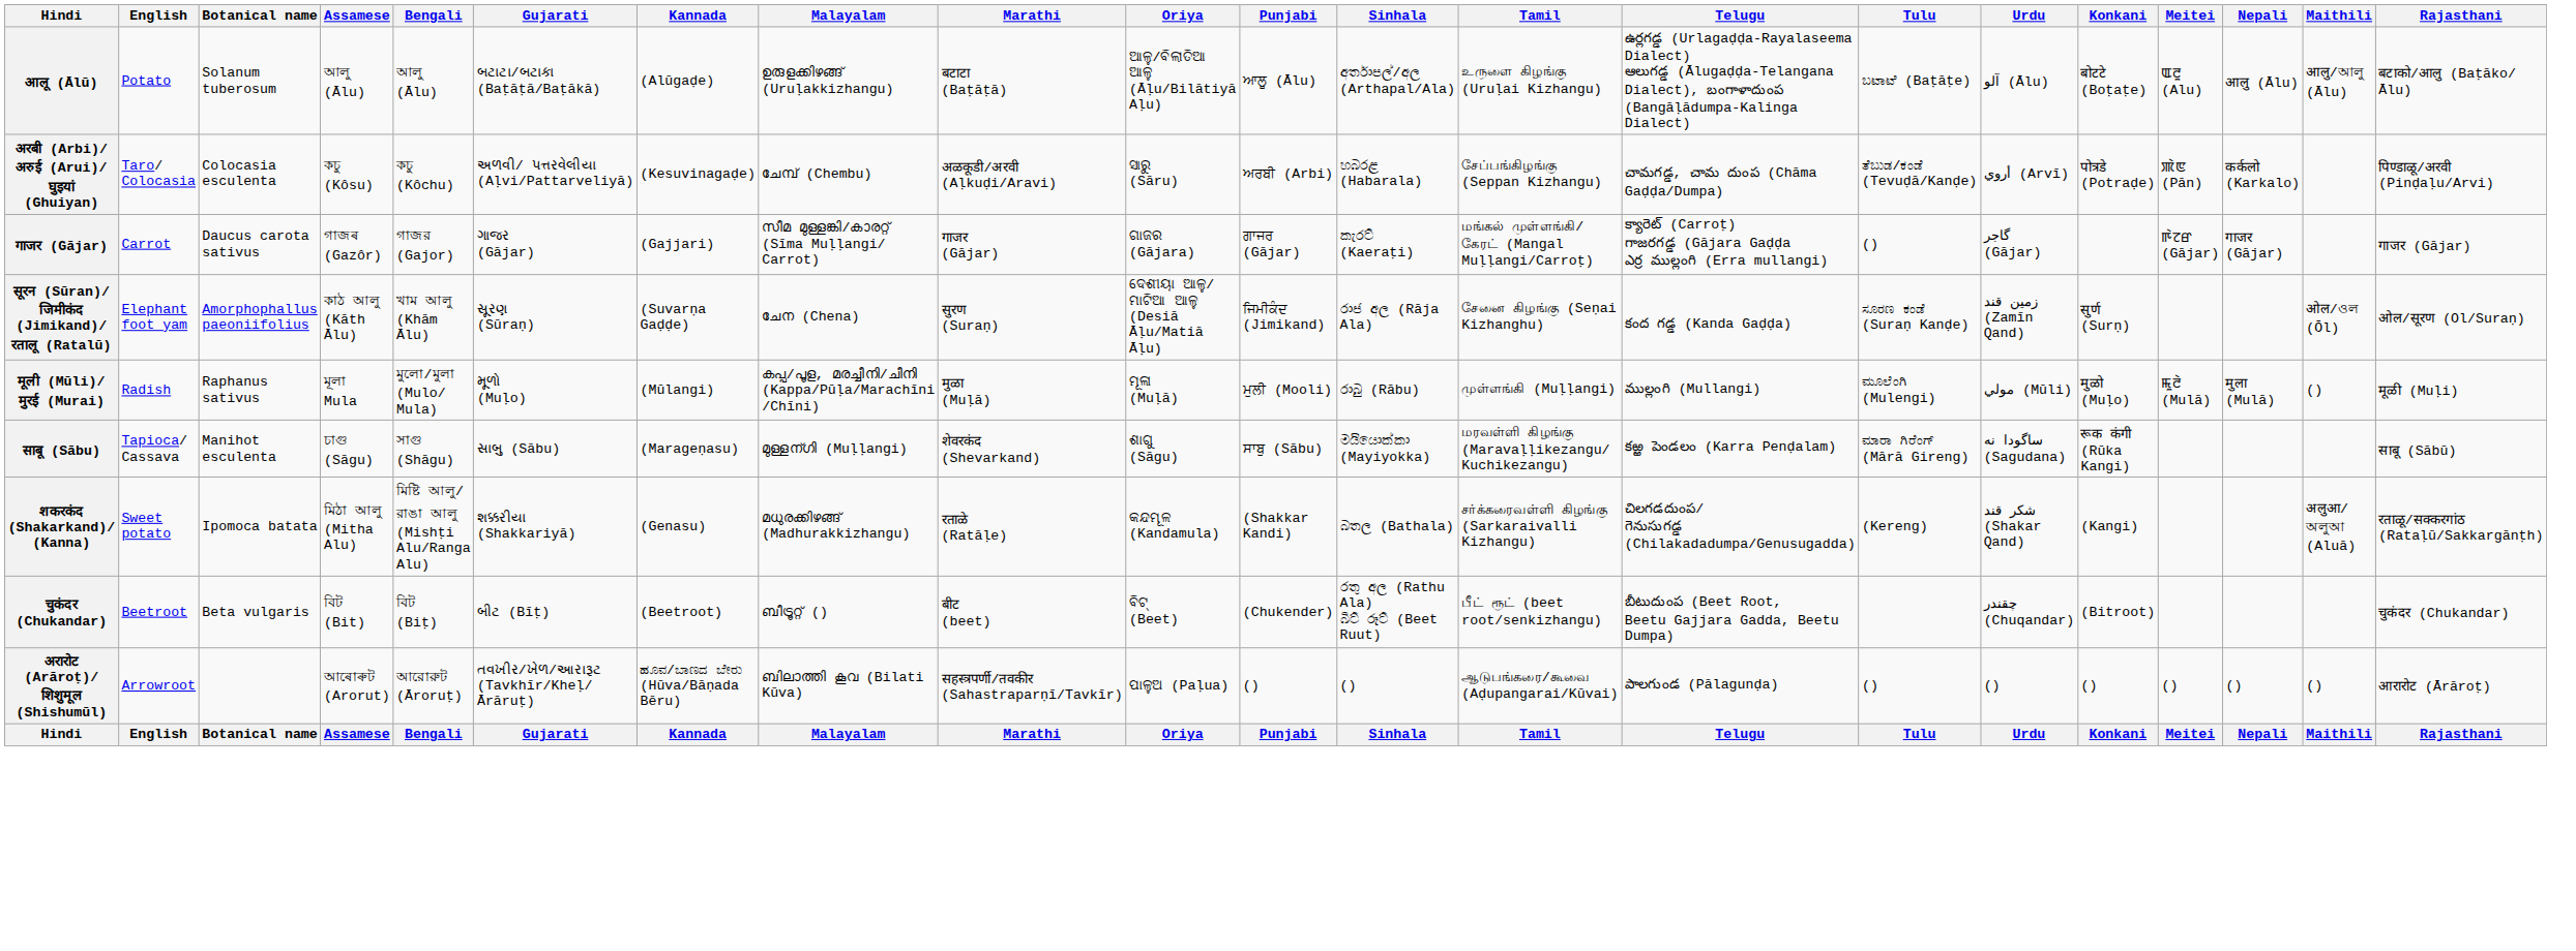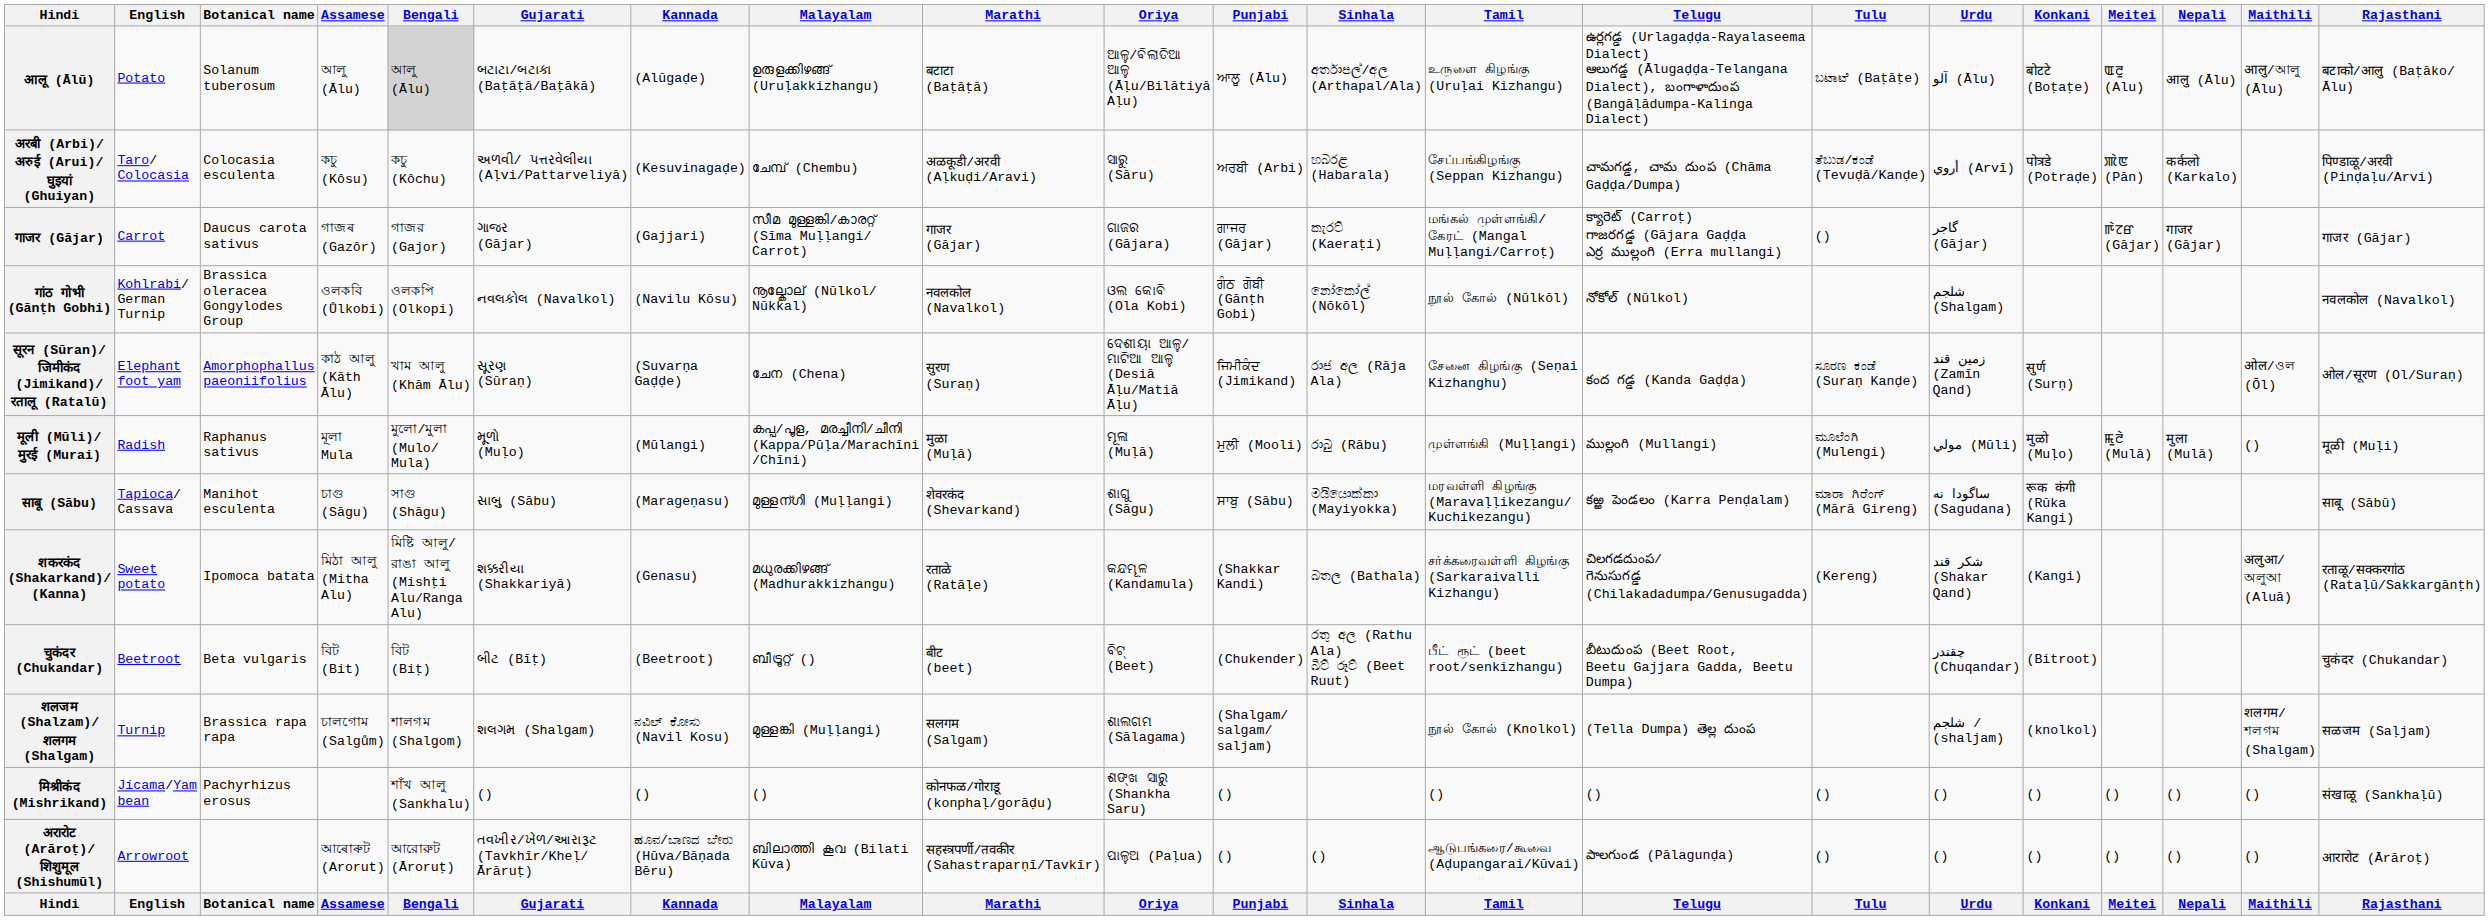 <table class="wikitable sortable">
 <tr>
 <th>Hindi</th>
 <th>English</th>
 <th>Botanical name</th>
 <th><a href='#'>Assamese</a></th>
 <th><a href='#'>Bengali</a></th>
 <th><a href='#'>Gujarati</a></th>
 <th><a href='#'>Kannada</a></th>
 <th><a href='#'>Malayalam</a></th>
 <th><a href='#'>Marathi</a></th>
 <th><a href='#'>Oriya</a></th>
 <th><a href='#'>Punjabi</a></th>
 <th><a href='#'>Sinhala</a></th>
 <th><a href='#'>Tamil</a></th>
 <th><a href='#'>Telugu</a></th>
 <th><a href='#'>Tulu</a></th>
 <th><a href='#'>Urdu</a></th>
 <th><a href='#'>Konkani</a></th>
 <th><a href='#'>Meitei</a></th>
 <th><a href='#'>Nepali</a></th>
 <th><a href='#'>Maithili</a></th>
 <th><a href='#'>Rajasthani</a></th>
 </tr>
 <tr>
 <th>आलू (Ālū)</th>
 <td><a href='#'>Potato</a></td>
 <td>Solanum tuberosum</td>
 <td>আলু<br>(Ālu)</td>
-<td>আলু<br>(Ālu)</td>
+<td style="background: lightgrey;">আলু<br>(Ālu)</td>
 <td>બટાટા/બટાકા<br>(Baṭāṭā/Baṭākā)</td>
 <td> (Alūgaḍe)</td>
 <td>ഉരുളക്കിഴങ്ങ് (Uruḷakkizhangu)</td>
 <td>बटाटा<br>(Baṭāṭā)</td>
 <td>ଆଳୁ/ବିଲାତିଆ ଆଳୁ<br>(Āḷu/Bilātiyā Aḷu)</td>
 <td>ਆਲੂ (Ālu)</td>
 <td>අර්තාපල්/අල  (Arthapal/Ala)</td>
 <td>உருளை கிழங்கு (Uruḷai Kizhangu)</td>
 <td>ఉర్లగడ్డ (Urlagaḍḍa-Rayalaseema Dialect)<br>ఆలుగడ్డ (Ālugaḍḍa-Telangana Dialect), బంగాళాదుంప (Bangāḷādumpa-Kalinga Dialect)</td>
 <td>ಬಟಾಟೆ (Baṭāṭe)</td>
 <td>آلو (Ālu)</td>
 <td>बोटटे (Boṭaṭe)</td>
 <td>ꯑꯂꯨ (Alu)</td>
 <td>आलु (Ālu)</td>
 <td>आलु/আলু (Ālu)</td>
 <td>बटाको/आलु (Baṭāko/Ālu)</td>
 </tr>
 <tr>
 <th>अरबी (Arbi)/<br>अरुई (Arui)/<br>घुइयां (Ghuiyan)</th>
 <td><a href='#'>Taro</a>/ <a href='#'>Colocasia</a></td>
 <td>Colocasia esculenta</td>
 <td>কচু<br>(Kôsu)</td>
 <td>কচু<br>(Kôchu)</td>
 <td>અળવી/ પત્તરવેલીયા<br>(Aḷvi/Pattarveliyā)</td>
 <td> (Kesuvinagaḍe)</td>
 <td>ചേമ്പ് (Chembu)</td>
 <td>अळकूडी/अरवी<br>(Aḷkuḍi/Aravi)</td>
 <td>ସାରୁ<br>(Sāru)</td>
 <td>ਅਰਬੀ (Arbi)</td>
 <td>හබරළ (Habarala)</td>
 <td>சேப்பங்கிழங்கு (Seppan Kizhangu)</td>
 <td><br>చామగడ్డ, చామ దుంప (Chāma Gaḍḍa/Dumpa)</td>
 <td>ತೆಬುಡ/ಕಂಡೆ (Tevuḍā/Kanḍe)</td>
 <td>أروي (Arvī)</td>
 <td>पोत्रडे (Potraḍe)</td>
 <td>ꯄꯥꯟ (Pān)</td>
 <td>कर्कलो (Karkalo)</td>
 <td></td>
 <td>पिण्डाळू/अरवी (Pinḍaḷu/Arvi)</td>
 </tr>
 <tr>
 <th>गाजर (Gājar)</th>
 <td><a href='#'>Carrot</a></td>
 <td>Daucus carota sativus</td>
 <td>গাজৰ<br>(Gazôr)</td>
 <td>গাজর<br>(Gajor)</td>
 <td>ગાજર<br>(Gājar)</td>
 <td> (Gajjari)</td>
 <td>സീമ മുള്ളങ്കി/കാരറ്റ്‌ (Sīma Muḷḷangi/ Carrot)</td>
 <td>गाजर<br>(Gājar)</td>
 <td>ଗାଜର<br>(Gājara)</td>
 <td>ਗਾਜਰ (Gājar)</td>
 <td>කැරට් (Kaeraṭi)</td>
 <td>மங்கல் முள்ளங்கி/கேரட் (Mangal Muḷḷangi/Carroṭ)</td>
 <td>క్యారెట్ (Carroṭ)<br>గాజరగడ్డ (Gājara Gaḍḍa<br>ఎర్ర ముల్లంగి (Erra mullangi)</td>
 <td>()</td>
 <td>گاجر  (Gājar)</td>
 <td></td>
 <td>ꯒꯥꯖꯔ (Gājar)</td>
 <td>गाजर (Gājar)</td>
 <td></td>
 <td>गाजर (Gājar)</td>
+</tr>
+<tr>
+<th>गांठ गोभी (Gānṭh Gobhi)</th>
+<td><a href='#'>Kohlrabi</a>/ German Turnip</td>
+<td>Brassica oleracea Gongylodes Group</td>
+<td>ওলকবি<br>(Ůlkobi)</td>
+<td>ওলকপি<br>(Olkopi)</td>
+<td>નવલકોલ (Navalkol)</td>
+<td> (Navilu Kōsu)</td>
+<td>നൂല്കോല് (Nūlkol/ Nūkkal)</td>
+<td>नवलकोल<br>(Navalkol)</td>
+<td>ଓଲ କୋବି<br>(Ola Kobi)</td>
+<td>ਗੰਠ ਗੋਬੀ (Gānṭh Gobi)</td>
+<td>නෝකෝල් (Nōkōl)</td>
+<td>நூல் கோல் (Nūlkōl)</td>
+<td>నోకోల్ (Nūlkol)</td>
+<td></td>
+<td>شلجم (Shalgam)</td>
+<td></td>
+<td></td>
+<td></td>
+<td></td>
+<td>नवलकोल (Navalkol)</td>
 </tr>
 <tr>
 <th>सूरन (Sūran)/<br>जिमीकंद (Jimikand)/<br>रतालू (Ratalū)</th>
 <td><a href='#'>Elephant foot yam</a></td>
 <td><a href='#'>Amorphophallus paeoniifolius</a></td>
 <td>কাঠ আলু<br>(Kāth Ālu)</td>
 <td>খাম আলু<br>(Khām Ālu)</td>
 <td>સૂરણ<br>(Sūraṇ)</td>
 <td> (Suvarṇa Gaḍḍe)</td>
 <td>ചേന (Chena)</td>
 <td>सुरण<br>(Suraṇ)</td>
 <td>ଦେଶୀୟା ଆଳୁ/ମାଟିଆ ଆଳୁ<br>(Desiā Āḷu/Matiā Āḷu)</td>
 <td>ਜਿਮੀਕੰਦ (Jimikand)</td>
 <td>රාජ අල (Rāja Ala)</td>
 <td>சேனை கிழங்கு (Seṇai Kizhanghu)</td>
 <td><br>కంద గడ్డ (Kanda Gaḍḍa)</td>
 <td>ಸೂರಣ ಕಂಡೆ (Suraṇ Kanḍe)</td>
 <td>زمين قند  (Zamīn Qand)</td>
 <td>सुर्ण (Surṇ)</td>
 <td></td>
 <td></td>
 <td>ओल/ওল (Ōl)</td>
 <td>ओल/सूरण (Ol/Suraṇ)</td>
 </tr>
 <tr>
 <th>मूली (Mūli)/<br>मुरई (Murai)</th>
 <td><a href='#'>Radish</a></td>
 <td>Raphanus sativus</td>
 <td>মূলা<br>Mula</td>
 <td>মুলো/মুলা<br>(Mulo/ Mula)</td>
 <td>મૂળો<br>(Muḷo)</td>
 <td> (Mūlangi)</td>
 <td>കപ്പ/പൂള, മരച്ചീനി/ചീനി (Kappa/Pūḷa/Marachīni /Chīni)</td>
 <td>मुळा<br>(Muḷā)</td>
 <td>ମୂଳା<br>(Muḷā)</td>
 <td>ਮੁਲੀ (Mooli)</td>
 <td>රාබු (Rābu)</td>
 <td>முள்ளங்கி (Muḷḷangi)</td>
 <td>ముల్లంగి (Mullangi)</td>
 <td>ಮೂಲೆಂಗಿ (Mulengi)</td>
 <td>مولي (Mūli)</td>
 <td>मुळो (Muḷo)</td>
 <td>ꯃꯨꯂꯥ (Mulā)</td>
 <td>मुला (Mulā)</td>
 <td>()</td>
 <td>मूळी (Muḷi)</td>
 </tr>
 <tr>
 <th>साबू (Sābu)</th>
 <td><a href='#'>Tapioca</a>/ Cassava</td>
 <td>Manihot esculenta</td>
 <td>চাগু<br>(Sāgu)</td>
 <td>সাগু<br>(Shāgu)</td>
 <td>સાબુ (Sābu)</td>
 <td> (Marageṇasu)</td>
 <td>മുള്ളന്ഗി (Muḷḷangi)</td>
 <td>शेवरकंद<br>(Shevarkand)</td>
 <td>ଶାଗୁ<br>(Sāgu)</td>
 <td>ਸਾਬੁ (Sābu)</td>
 <td>මයියොක්කා (Mayiyokka)</td>
 <td>மரவள்ளி கிழங்கு (Maravaḷḷikezangu/ Kuchikezangu)</td>
 <td>కఱ్ఱ పెండలం (Karra Penḍalam)</td>
 <td>ಮಾರಾ ಗಿರೆಂಗ್ (Mārā Gireng)</td>
 <td>ساگودا نه  (Sagudana)</td>
 <td>रूक कंगी (Rūka Kangi)</td>
 <td></td>
 <td></td>
 <td></td>
 <td>साबू (Sābū)</td>
 </tr>
 <tr>
 <th>शकरकंद (Shakarkand)/<br>(Kanna)</th>
 <td><a href='#'>Sweet potato</a></td>
 <td>Ipomoca batata</td>
 <td>মিঠা আলু<br>(Mitha Alu)</td>
 <td>মিষ্টি আলু/রাঙা আলু<br>(Mishṭi Alu/Ranga Alu)</td>
 <td>શક્કરીયા<br>(Shakkariyā)</td>
 <td> (Genasu)</td>
 <td>മധുരക്കിഴങ്ങ് (Madhurakkizhangu)</td>
 <td>रताळे<br>(Ratāḷe)</td>
 <td>କନ୍ଦମୂଳ<br>(Kandamula)</td>
 <td>(Shakkar Kandi)</td>
 <td>බතල (Bathala)</td>
 <td>சர்க்கரைவள்ளி கிழங்கு (Sarkaraivalli Kizhangu)</td>
 <td>చిలగడదుంప/<br>గెనుసుగడ్డ (Chilakadadumpa/Genusugadda)</td>
 <td>(Kereng)</td>
 <td>شكر قند (Shakar Qand)</td>
 <td>(Kangi)</td>
 <td></td>
 <td></td>
 <td>अलुआ/অলুআ (Aluā)</td>
 <td>रताळू/सक्करगांठ (Rataḷū/Sakkargānṭh)</td>
 </tr>
 <tr>
 <th>चुकंदर (Chukandar)</th>
 <td><a href='#'>Beetroot</a></td>
 <td>Beta vulgaris</td>
 <td>বিট<br>(Bit)</td>
 <td>বিট<br>(Biṭ)</td>
 <td>બીટ (Bīṭ)</td>
 <td> (Beetroot)</td>
 <td>ബീട്രൂറ്റ്‌ ()</td>
 <td>बीट<br>(beet)</td>
 <td>ବିଟ୍<br>(Beet)</td>
 <td>(Chukender)</td>
 <td>රතු අල (Rathu Ala)<br> බීට් රූට් (Beet Ruut)</td>
 <td>பீட் ரூட் (beet root/senkizhangu)</td>
 <td><br>బీటుదుంప (Beet Root,<br> Beetu Gajjara Gadda, Beetu Dumpa)</td>
 <td></td>
 <td>چقندر  (Chuqandar)</td>
 <td>(Bitroot)</td>
 <td></td>
 <td></td>
 <td></td>
 <td>चुकंदर (Chukandar)</td>
 </tr>
 <tr>
+<th>शलजम (Shalzam)/<br>शलगम (Shalgam)</th>
+<td><a href='#'>Turnip</a></td>
+<td>Brassica rapa rapa</td>
+<td>চালগোম<br>(Salgům)</td>
+<td>শালগম<br>(Shalgom)</td>
+<td>શલગમ (Shalgam)</td>
+<td>ನವಿಲ್ ಕೋಸು  (Navil Kosu)</td>
+<td>മുള്ളങ്കി (Muḷḷangi)</td>
+<td>सलगम<br>(Salgam)</td>
+<td>ଶାଲଗମ<br>(Sālagama)</td>
+<td>(Shalgam/ salgam/ saljam)</td>
+<td></td>
+<td>நூல் கோல் (Knolkol)</td>
+<td>(Tella Dumpa) తెల్ల దుంప</td>
+<td></td>
+<td>شلجم / (shaljam)</td>
+<td>(knolkol)</td>
+<td></td>
+<td></td>
+<td>शलगम/শলগম (Shalgam)</td>
+<td>सळजम (Saḷjam)</td>
+</tr>
+<tr>
+<th>मिश्रीकंद (Mishrikand)</th>
+<td><a href='#'>Jícama</a>/<a href='#'>Yam bean</a></td>
+<td>Pachyrhizus erosus</td>
+<td></td>
+<td>শাঁখ আলু<br>(Sankhalu)</td>
+<td>()</td>
+<td>()</td>
+<td>()</td>
+<td>कोनफळ/गोराडू<br>(konphaḷ/gorāḍu)</td>
+<td>ଶଙ୍ଖ ସାରୁ (Shankha Saru)</td>
+<td>()</td>
+<td></td>
+<td>()</td>
+<td>()</td>
+<td>()</td>
+<td>()</td>
+<td>()</td>
+<td>()</td>
+<td>()</td>
+<td>()</td>
+<td>संखाळू (Sankhaḷū)</td>
+</tr>
+<tr>
 <th>अरारोट (Arāroṭ)/<br>शिशुमूल (Shishumūl)</th>
 <td><a href='#'>Arrowroot</a></td>
 <td></td>
 <td>আৰোৰুট<br>(Arorut)</td>
 <td>আরোরুট<br>(Āroruṭ)</td>
 <td>તવખીર/ખેળ/આરારૂટ<br>(Tavkhīr/Kheḷ/Ārāruṭ)</td>
 <td>ಹೂವ/ಬಾಣದ ಬೇರು (Hūva/Bāṇada Bēru)</td>
 <td>ബിലാത്തി കൂവ (Bilati Kūva)</td>
 <td>सहस्त्रपर्णी/तवकीर<br>(Sahastraparṇī/Tavkīr)</td>
 <td>ପାଳୁଅ (Paḷua)</td>
 <td>()</td>
 <td>()</td>
 <td>ஆடுபங்கரை/கூவை (Aḍupangarai/Kūvai)</td>
 <td>పాలగుండ (Pālagunḍa)</td>
 <td>()</td>
 <td>()</td>
 <td>()</td>
 <td>()</td>
 <td>()</td>
 <td>()</td>
 <td>आरारोट (Ārāroṭ)</td>
 </tr>
 <tr class="sortbottom">
 <th>Hindi</th>
 <th>English</th>
 <th>Botanical name</th>
 <th><a href='#'>Assamese</a></th>
 <th><a href='#'>Bengali</a></th>
 <th><a href='#'>Gujarati</a></th>
 <th><a href='#'>Kannada</a></th>
 <th><a href='#'>Malayalam</a></th>
 <th><a href='#'>Marathi</a></th>
 <th><a href='#'>Oriya</a></th>
 <th><a href='#'>Punjabi</a></th>
 <th><a href='#'>Sinhala</a></th>
 <th><a href='#'>Tamil</a></th>
 <th><a href='#'>Telugu</a></th>
 <th><a href='#'>Tulu</a></th>
 <th><a href='#'>Urdu</a></th>
 <th><a href='#'>Konkani</a></th>
 <th><a href='#'>Meitei</a></th>
 <th><a href='#'>Nepali</a></th>
 <th><a href='#'>Maithili</a></th>
 <th><a href='#'>Rajasthani</a></th>
 </tr>
 </table>
